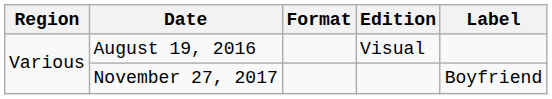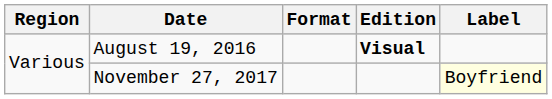 <table class="wikitable plainrowheaders">
 <tr>
 <th scope="col">Region</th>
 <th scope="col">Date</th>
 <th scope="col">Format</th>
 <th scope="col">Edition</th>
 <th scope="col">Label</th>
 </tr>
 <tr>
 <td rowspan="2" style="text-align:center;">Various</td>
 <td>August 19, 2016</td>
 <td></td>
-<td>Visual</td>
+<td><strong>Visual</strong></td>
 <td></td>
 </tr>
 <tr>
 <td>November 27, 2017</td>
 <td></td>
 <td></td>
-<td>Boyfriend</td>
+<td style="background: lightyellow;">Boyfriend</td>
 </tr>
 </table>
